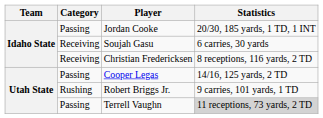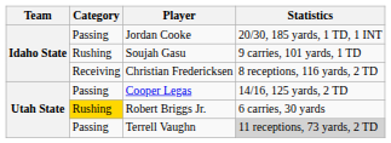 <table class="wikitable" style="float:right">
 <tr>
 <th>Team</th>
 <th>Category</th>
 <th>Player</th>
 <th>Statistics</th>
 </tr>
 <tr>
 <th rowspan=3>Idaho State</th>
 <td>Passing</td>
 <td>Jordan Cooke</td>
 <td>20/30, 185 yards, 1 TD, 1 INT</td>
 </tr>
 <tr>
-<td>Receiving</td>
+<td>Rushing</td>
 <td>Soujah Gasu</td>
-<td>6 carries, 30 yards</td>
+<td>9 carries, 101 yards, 1 TD</td>
 </tr>
 <tr>
 <td>Receiving</td>
 <td>Christian Fredericksen</td>
 <td>8 receptions, 116 yards, 2 TD</td>
 </tr>
 <tr>
 <th rowspan=3>Utah State</th>
 <td>Passing</td>
 <td><a href='#'>Cooper Legas</a></td>
 <td>14/16, 125 yards, 2 TD</td>
 </tr>
 <tr>
-<td>Rushing</td>
+<td style="background: gold;">Rushing</td>
 <td>Robert Briggs Jr.</td>
-<td>9 carries, 101 yards, 1 TD</td>
+<td>6 carries, 30 yards</td>
 </tr>
 <tr>
 <td>Passing</td>
 <td>Terrell Vaughn</td>
 <td style="background: lightgrey;">11 receptions, 73 yards, 2 TD</td>
 </tr>
 </table>
